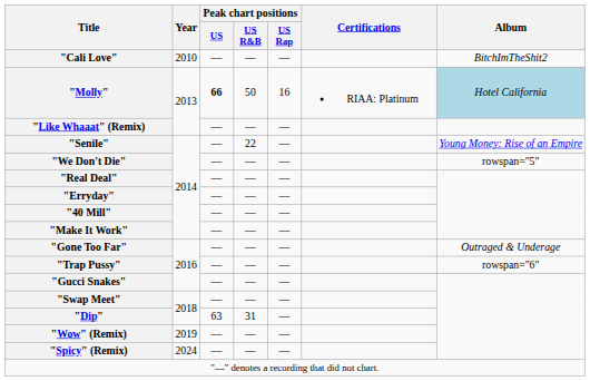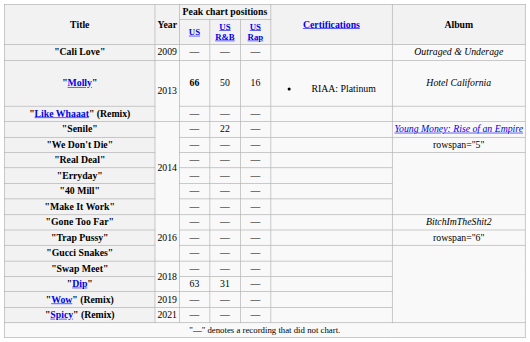 <table class="wikitable plainrowheaders" style="text-align:center;">
 <tr>
 <th scope="col" rowspan="2" style="width:15em;">Title</th>
 <th scope="col" rowspan="2">Year</th>
 <th scope="col" colspan="3">Peak chart positions</th>
 <th scope="col" rowspan="2" style="width:12em;"><a href='#'>Certifications</a></th>
 <th scope="col" rowspan="2">Album</th>
 </tr>
 <tr>
 <th style="width:3em; font-size:90%"><a href='#'>US</a><br></th>
 <th style="width:3em; font-size:90%"><a href='#'>US<br>R&B</a><br></th>
 <th style="width:3em; font-size:90%"><a href='#'>US<br>Rap</a><br></th>
 </tr>
 <tr>
 <th scope="row">"Cali Love"</th>
-<td>2010</td>
+<td>2009</td>
 <td>—</td>
 <td>—</td>
 <td>—</td>
 <td></td>
-<td><em>BitchImTheShit2</em></td>
+<td><em>Outraged & Underage</em></td>
 </tr>
 <tr>
 <th scope="row">"<a href='#'>Molly</a>"<br></th>
 <td rowspan="2">2013</td>
 <td><strong>66</strong></td>
 <td>50</td>
 <td>16</td>
 <td><br><ul><li>RIAA: Platinum</li></ul></td>
-<td style="background: lightblue;"><em>Hotel California</em></td>
+<td><em>Hotel California</em></td>
 </tr>
 <tr>
 <th scope="row">"<a href='#'>Like Whaaat</a>" (Remix)<br></th>
 <td>—</td>
 <td>—</td>
 <td>—</td>
 <td></td>
 <td></td>
 </tr>
 <tr>
 <th scope="row">"Senile"<br></th>
 <td rowspan="6">2014</td>
 <td>—</td>
 <td>22</td>
 <td>—</td>
 <td></td>
 <td><em><a href='#'>Young Money: Rise of an Empire</a></em></td>
 </tr>
 <tr>
 <th scope="row">"We Don't Die"</th>
 <td>—</td>
 <td>—</td>
 <td>—</td>
 <td></td>
 <td>rowspan="5" </td>
 </tr>
 <tr>
 <th scope="row">"Real Deal"</th>
 <td>—</td>
 <td>—</td>
 <td>—</td>
 <td></td>
 </tr>
 <tr>
 <th scope="row">"Erryday"</th>
 <td>—</td>
 <td>—</td>
 <td>—</td>
 <td></td>
 </tr>
 <tr>
 <th scope="row">"40 Mill"</th>
 <td>—</td>
 <td>—</td>
 <td>—</td>
 <td></td>
 </tr>
 <tr>
 <th scope="row">"Make It Work"</th>
 <td>—</td>
 <td>—</td>
 <td>—</td>
 <td></td>
 </tr>
 <tr>
 <th scope="row">"Gone Too Far"</th>
 <td rowspan="3">2016</td>
 <td>—</td>
 <td>—</td>
 <td>—</td>
 <td></td>
-<td><em>Outraged & Underage</em></td>
+<td><em>BitchImTheShit2</em></td>
 </tr>
 <tr>
 <th scope="row">"Trap Pussy"</th>
 <td>—</td>
 <td>—</td>
 <td>—</td>
 <td></td>
 <td>rowspan="6" </td>
 </tr>
 <tr>
 <th scope="row">"Gucci Snakes" <br></th>
 <td>—</td>
 <td>—</td>
 <td>—</td>
 <td></td>
 </tr>
 <tr>
 <th scope="row">"Swap Meet"</th>
 <td rowspan="2">2018</td>
 <td>—</td>
 <td>—</td>
 <td>—</td>
 <td></td>
 </tr>
 <tr>
 <th scope="row">"<a href='#'>Dip</a>" <br></th>
 <td>63</td>
 <td>31</td>
 <td>—</td>
 <td></td>
 </tr>
 <tr>
 <th scope="row">"<a href='#'>Wow</a>" (Remix)<br></th>
 <td>2019</td>
 <td>—</td>
 <td>—</td>
 <td>—</td>
 <td></td>
 </tr>
 <tr>
 <th scope="row">"<a href='#'>Spicy</a>" (Remix)<br></th>
-<td>2024</td>
+<td>2021</td>
 <td>—</td>
 <td>—</td>
 <td>—</td>
 <td></td>
 </tr>
 <tr>
 <td colspan="8" style="font-size:90%">"—" denotes a recording that did not chart.</td>
 </tr>
 </table>
